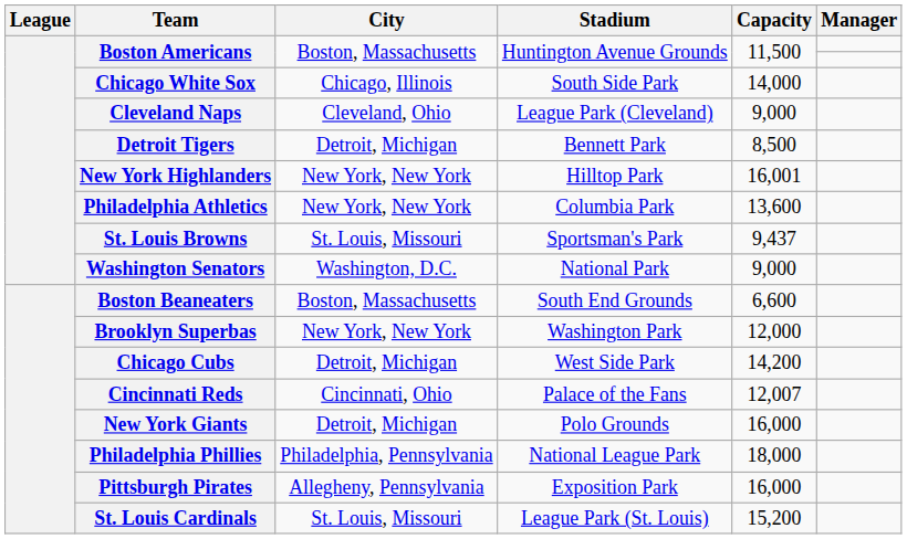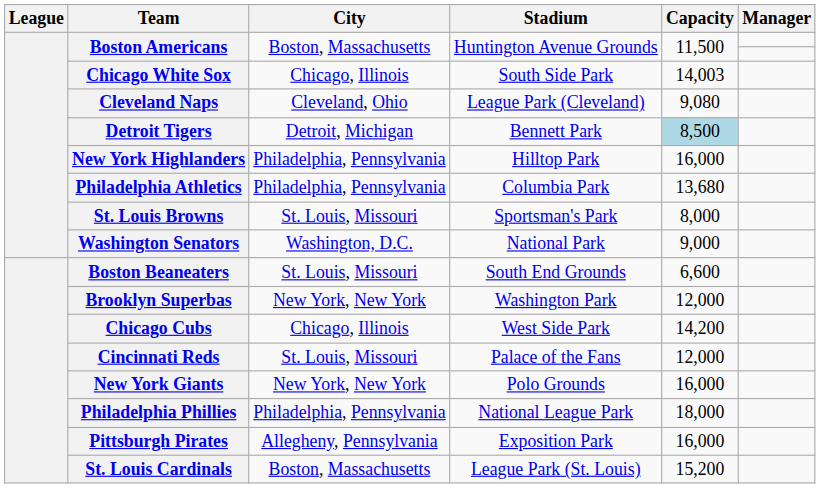 <table class="wikitable sortable plainrowheaders" style="text-align:center;">
 <tr>
 <th scope="col">League</th>
 <th scope="col">Team</th>
 <th scope="col">City</th>
 <th scope="col">Stadium</th>
 <th scope="col">Capacity</th>
 <th scope="col">Manager</th>
 </tr>
 <tr>
 <th rowspan="9"></th>
 <th rowspan="2" scope="row"><a href='#'>Boston Americans</a></th>
 <td rowspan="2"><a href='#'>Boston</a>, <a href='#'>Massachusetts</a></td>
 <td rowspan="2"><a href='#'>Huntington Avenue Grounds</a></td>
 <td rowspan="2">11,500</td>
 <td></td>
 </tr>
 <tr>
 <td></td>
 </tr>
 <tr>
 <th scope="row"><a href='#'>Chicago White Sox</a></th>
 <td><a href='#'>Chicago</a>, <a href='#'>Illinois</a></td>
 <td><a href='#'>South Side Park</a></td>
-<td>14,000</td>
+<td>14,003</td>
 <td></td>
 </tr>
 <tr>
 <th scope="row"><a href='#'>Cleveland Naps</a></th>
 <td><a href='#'>Cleveland</a>, <a href='#'>Ohio</a></td>
 <td><a href='#'>League Park (Cleveland)</a></td>
-<td>9,000</td>
+<td>9,080</td>
 <td></td>
 </tr>
 <tr>
 <th scope="row"><a href='#'>Detroit Tigers</a></th>
 <td><a href='#'>Detroit</a>, <a href='#'>Michigan</a></td>
 <td><a href='#'>Bennett Park</a></td>
-<td>8,500</td>
+<td style="background: lightblue;">8,500</td>
 <td></td>
 </tr>
 <tr>
 <th scope="row"><a href='#'>New York Highlanders</a></th>
-<td><a href='#'>New York</a>, <a href='#'>New York</a></td>
+<td><a href='#'>Philadelphia</a>, <a href='#'>Pennsylvania</a></td>
 <td><a href='#'>Hilltop Park</a></td>
-<td>16,001</td>
+<td>16,000</td>
 <td></td>
 </tr>
 <tr>
 <th scope="row"><a href='#'>Philadelphia Athletics</a></th>
-<td><a href='#'>New York</a>, <a href='#'>New York</a></td>
+<td><a href='#'>Philadelphia</a>, <a href='#'>Pennsylvania</a></td>
 <td><a href='#'>Columbia Park</a></td>
-<td>13,600</td>
+<td>13,680</td>
 <td></td>
 </tr>
 <tr>
 <th scope="row"><a href='#'>St. Louis Browns</a></th>
 <td><a href='#'>St. Louis</a>, <a href='#'>Missouri</a></td>
 <td><a href='#'>Sportsman's Park</a></td>
-<td>9,437</td>
+<td>8,000</td>
 <td></td>
 </tr>
 <tr>
 <th scope="row"><a href='#'>Washington Senators</a></th>
 <td><a href='#'>Washington, D.C.</a></td>
 <td><a href='#'>National Park</a></td>
 <td>9,000</td>
 <td></td>
 </tr>
 <tr>
 <th rowspan="8"></th>
 <th scope="row"><a href='#'>Boston Beaneaters</a></th>
-<td><a href='#'>Boston</a>, <a href='#'>Massachusetts</a></td>
+<td><a href='#'>St. Louis</a>, <a href='#'>Missouri</a></td>
 <td><a href='#'>South End Grounds</a></td>
 <td>6,600</td>
 <td></td>
 </tr>
 <tr>
 <th scope="row"><a href='#'>Brooklyn Superbas</a></th>
 <td><a href='#'>New York</a>, <a href='#'>New York</a></td>
 <td><a href='#'>Washington Park</a></td>
 <td>12,000</td>
 <td></td>
 </tr>
 <tr>
 <th scope="row"><a href='#'>Chicago Cubs</a></th>
-<td><a href='#'>Detroit</a>, <a href='#'>Michigan</a></td>
+<td><a href='#'>Chicago</a>, <a href='#'>Illinois</a></td>
 <td><a href='#'>West Side Park</a></td>
 <td>14,200</td>
 <td></td>
 </tr>
 <tr>
 <th scope="row"><a href='#'>Cincinnati Reds</a></th>
-<td><a href='#'>Cincinnati</a>, <a href='#'>Ohio</a></td>
+<td><a href='#'>St. Louis</a>, <a href='#'>Missouri</a></td>
 <td><a href='#'>Palace of the Fans</a></td>
-<td>12,007</td>
+<td>12,000</td>
 <td></td>
 </tr>
 <tr>
 <th scope="row"><a href='#'>New York Giants</a></th>
-<td><a href='#'>Detroit</a>, <a href='#'>Michigan</a></td>
+<td><a href='#'>New York</a>, <a href='#'>New York</a></td>
 <td><a href='#'>Polo Grounds</a></td>
 <td>16,000</td>
 <td></td>
 </tr>
 <tr>
 <th scope="row"><a href='#'>Philadelphia Phillies</a></th>
 <td><a href='#'>Philadelphia</a>, <a href='#'>Pennsylvania</a></td>
 <td><a href='#'>National League Park</a></td>
 <td>18,000</td>
 <td></td>
 </tr>
 <tr>
 <th scope="row"><a href='#'>Pittsburgh Pirates</a></th>
 <td><a href='#'>Allegheny</a>, <a href='#'>Pennsylvania</a></td>
 <td><a href='#'>Exposition Park</a></td>
 <td>16,000</td>
 <td></td>
 </tr>
 <tr>
 <th scope="row"><a href='#'>St. Louis Cardinals</a></th>
-<td><a href='#'>St. Louis</a>, <a href='#'>Missouri</a></td>
+<td><a href='#'>Boston</a>, <a href='#'>Massachusetts</a></td>
 <td><a href='#'>League Park (St. Louis)</a></td>
 <td>15,200</td>
 <td></td>
 </tr>
 </table>
